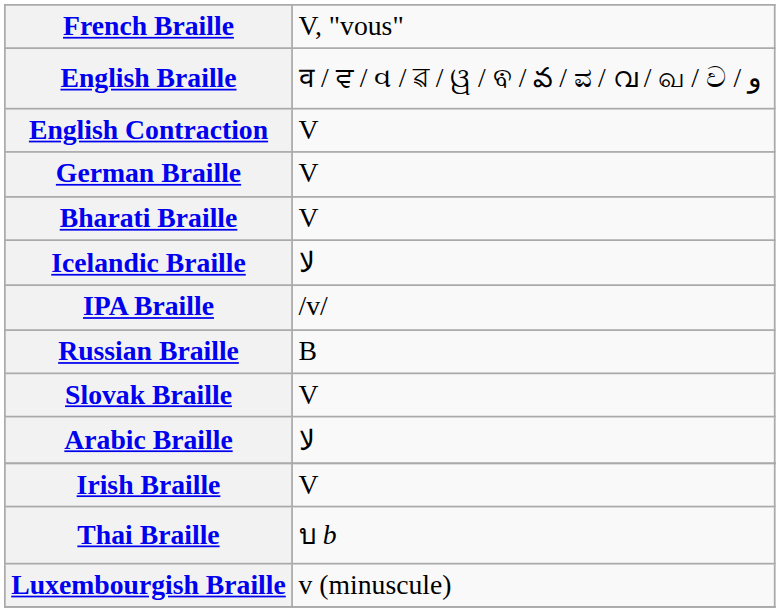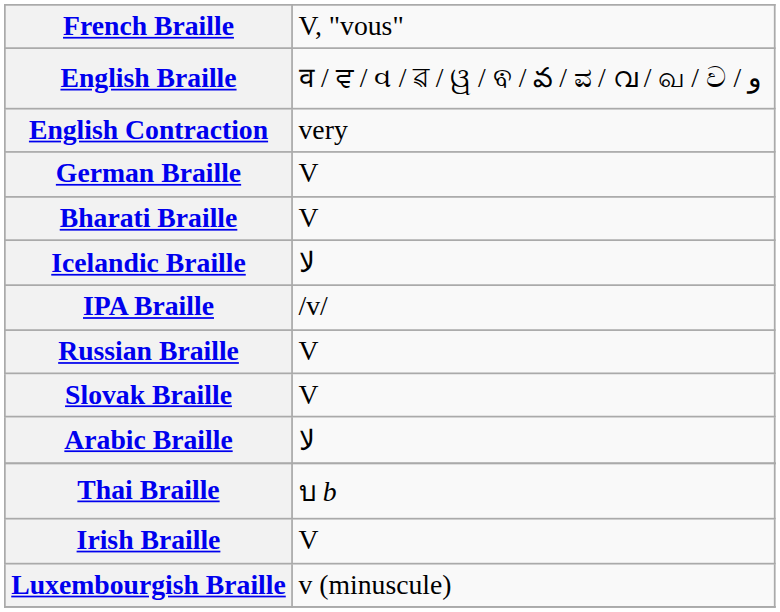 <table class="wikitable">
 <tr>
 <th align=left><a href='#'>French Braille</a></th>
 <td>V, "vous"</td>
 </tr>
 <tr>
 <th align=left><a href='#'>English Braille</a></th>
 <td>व / ਵ / વ / ৱ / ୱ / ଵ / వ / ವ / വ / வ / ව / و ‎</td>
 </tr>
 <tr>
 <th align=left><a href='#'>English Contraction</a></th>
-<td>V</td>
+<td>very</td>
 </tr>
 <tr>
 <th align=left><a href='#'>German Braille</a></th>
 <td>V</td>
 </tr>
 <tr>
 <th align=left><a href='#'>Bharati Braille</a></th>
 <td>V</td>
 </tr>
 <tr>
 <th align=left><a href='#'>Icelandic Braille</a></th>
 <td>ﻻ</td>
 </tr>
 <tr>
 <th align=left><a href='#'>IPA Braille</a></th>
 <td>/v/</td>
 </tr>
 <tr>
 <th align=left><a href='#'>Russian Braille</a></th>
-<td>В</td>
+<td>V</td>
 </tr>
 <tr>
 <th align=left><a href='#'>Slovak Braille</a></th>
 <td>V</td>
 </tr>
 <tr>
 <th align=left><a href='#'>Arabic Braille</a></th>
 <td>ﻻ</td>
 </tr>
 <tr>
 </tr>
 <tr>
+<th align=left><a href='#'>Thai Braille</a></th>
+<td>บ <em>b</em></td>
+</tr>
+<tr>
 <th align=left><a href='#'>Irish Braille</a></th>
 <td>V</td>
-</tr>
-<tr>
-<th align=left><a href='#'>Thai Braille</a></th>
-<td>บ <em>b</em></td>
 </tr>
 <tr>
 <th align=left><a href='#'>Luxembourgish Braille</a></th>
 <td>v (minuscule)</td>
 </tr>
 <tr>
 </tr>
 </table>
